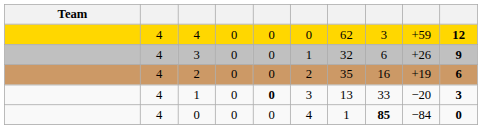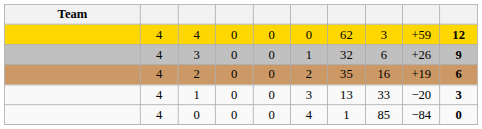 <table class="wikitable" style="text-align:center;">
 <tr>
 <th width=165>Team</th>
 <th width=40></th>
 <th width=40></th>
 <th width=40></th>
 <th width=40></th>
 <th width=40></th>
 <th width=40></th>
 <th width=40></th>
 <th width=40></th>
 <th width=40></th>
 </tr>
 <tr bgcolor="#ffd700">
 <td style="text-align:left;"></td>
 <td>4</td>
 <td>4</td>
 <td>0</td>
 <td>0</td>
 <td>0</td>
 <td>62</td>
 <td>3</td>
 <td>+59</td>
 <td><strong>12</strong></td>
 </tr>
 <tr bgcolor="#c0c0c0">
 <td style="text-align:left;"></td>
 <td>4</td>
 <td>3</td>
 <td>0</td>
 <td>0</td>
 <td>1</td>
 <td>32</td>
 <td>6</td>
 <td>+26</td>
 <td><strong>9</strong></td>
 </tr>
 <tr bgcolor="#cc9966">
 <td style="text-align:left;"></td>
 <td>4</td>
 <td>2</td>
 <td>0</td>
 <td>0</td>
 <td>2</td>
 <td>35</td>
 <td>16</td>
 <td>+19</td>
 <td><strong>6</strong></td>
 </tr>
 <tr style="background:">
 <td style="text-align:left;"></td>
 <td>4</td>
 <td>1</td>
 <td>0</td>
-<td><strong>0</strong></td>
+<td>0</td>
 <td>3</td>
 <td>13</td>
 <td>33</td>
 <td>−20</td>
 <td><strong>3</strong></td>
 </tr>
 <tr style="background:">
 <td style="text-align:left;"></td>
 <td>4</td>
 <td>0</td>
 <td>0</td>
 <td>0</td>
 <td>4</td>
 <td>1</td>
-<td><strong>85</strong></td>
+<td>85</td>
 <td>−84</td>
 <td><strong>0</strong></td>
 </tr>
 </table>
